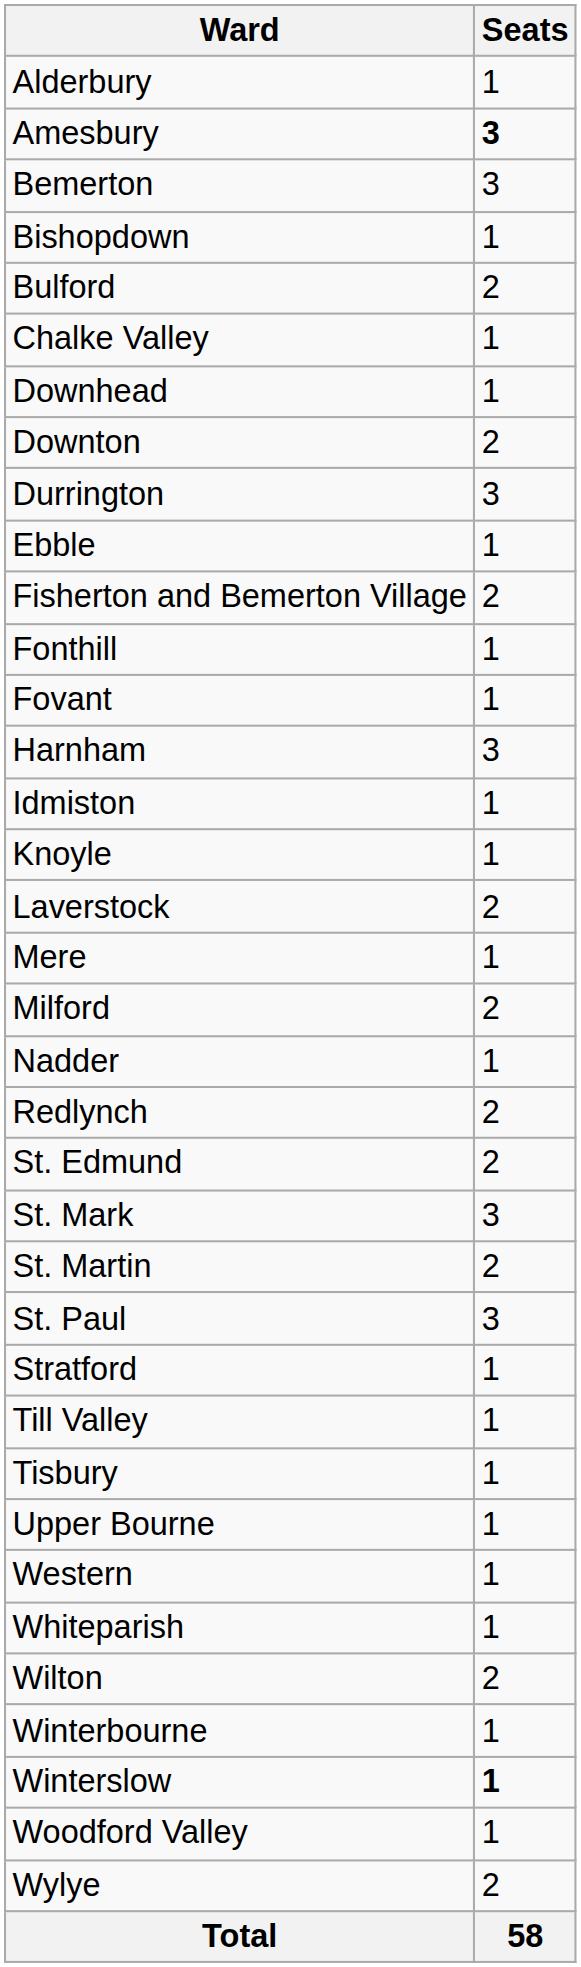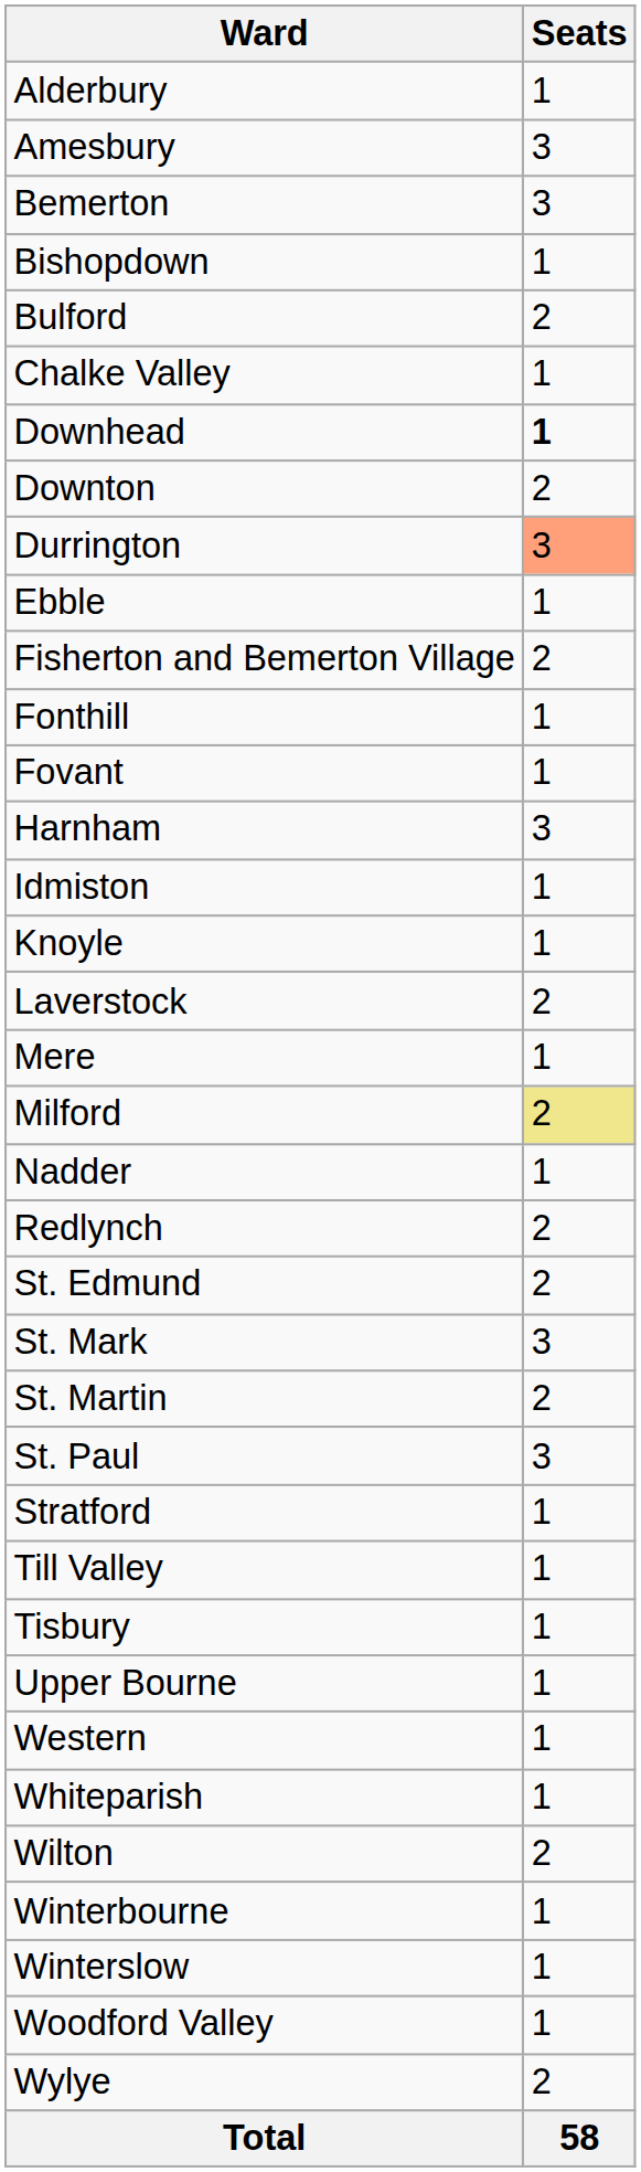 <table class="wikitable mw-collapsible mw-collapsed">
 <tr>
 <th>Ward</th>
 <th>Seats</th>
 </tr>
 <tr>
 <td>Alderbury</td>
 <td>1</td>
 </tr>
 <tr>
 <td>Amesbury</td>
-<td><strong>3</strong></td>
+<td>3</td>
 </tr>
 <tr>
 <td>Bemerton</td>
 <td>3</td>
 </tr>
 <tr>
 <td>Bishopdown</td>
 <td>1</td>
 </tr>
 <tr>
 <td>Bulford</td>
 <td>2</td>
 </tr>
 <tr>
 <td>Chalke Valley</td>
 <td>1</td>
 </tr>
 <tr>
 <td>Downhead</td>
-<td>1</td>
+<td><strong>1</strong></td>
 </tr>
 <tr>
 <td>Downton</td>
 <td>2</td>
 </tr>
 <tr>
 <td>Durrington</td>
-<td>3</td>
+<td style="background: lightsalmon;">3</td>
 </tr>
 <tr>
 <td>Ebble</td>
 <td>1</td>
 </tr>
 <tr>
 <td>Fisherton and Bemerton Village</td>
 <td>2</td>
 </tr>
 <tr>
 <td>Fonthill</td>
 <td>1</td>
 </tr>
 <tr>
 <td>Fovant</td>
 <td>1</td>
 </tr>
 <tr>
 <td>Harnham</td>
 <td>3</td>
 </tr>
 <tr>
 <td>Idmiston</td>
 <td>1</td>
 </tr>
 <tr>
 <td>Knoyle</td>
 <td>1</td>
 </tr>
 <tr>
 <td>Laverstock</td>
 <td>2</td>
 </tr>
 <tr>
 <td>Mere</td>
 <td>1</td>
 </tr>
 <tr>
 <td>Milford</td>
-<td>2</td>
+<td style="background: khaki;">2</td>
 </tr>
 <tr>
 <td>Nadder</td>
 <td>1</td>
 </tr>
 <tr>
 <td>Redlynch</td>
 <td>2</td>
 </tr>
 <tr>
 <td>St. Edmund</td>
 <td>2</td>
 </tr>
 <tr>
 <td>St. Mark</td>
 <td>3</td>
 </tr>
 <tr>
 <td>St. Martin</td>
 <td>2</td>
 </tr>
 <tr>
 <td>St. Paul</td>
 <td>3</td>
 </tr>
 <tr>
 <td>Stratford</td>
 <td>1</td>
 </tr>
 <tr>
 <td>Till Valley</td>
 <td>1</td>
 </tr>
 <tr>
 <td>Tisbury</td>
 <td>1</td>
 </tr>
 <tr>
 <td>Upper Bourne</td>
 <td>1</td>
 </tr>
 <tr>
 <td>Western</td>
 <td>1</td>
 </tr>
 <tr>
 <td>Whiteparish</td>
 <td>1</td>
 </tr>
 <tr>
 <td>Wilton</td>
 <td>2</td>
 </tr>
 <tr>
 <td>Winterbourne</td>
 <td>1</td>
 </tr>
 <tr>
 <td>Winterslow</td>
-<td><strong>1</strong></td>
+<td>1</td>
 </tr>
 <tr>
 <td>Woodford Valley</td>
 <td>1</td>
 </tr>
 <tr>
 <td>Wylye</td>
 <td>2</td>
 </tr>
 <tr>
 <th>Total</th>
 <th>58</th>
 </tr>
 </table>
